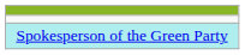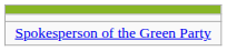 <table class="wikitable" style="font-size:90%; text-align:center;">
 <tr>
 <th style="width:3em; font-size:135%; background:#88B626 ; width:200px;"><a href='#'></a></th>
 </tr>
 <tr>
 <td></td>
 </tr>
 <tr>
-<td style="background: paleturquoise;"><a href='#'>Spokesperson of the Green Party</a><br></td>
+<td><a href='#'>Spokesperson of the Green Party</a><br></td>
 </tr>
 </table>
